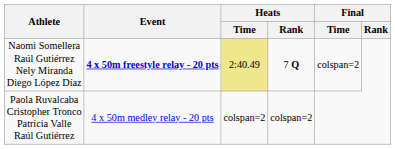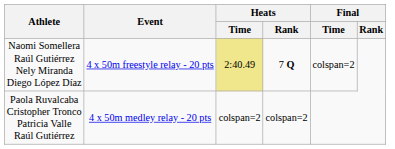 <table class="wikitable" style="font-size:90%; text-align:center">
 <tr>
 <th rowspan="2">Athlete</th>
 <th rowspan="2">Event</th>
 <th colspan="2">Heats</th>
 <th colspan="2">Final</th>
 </tr>
 <tr>
 <th>Time</th>
 <th>Rank</th>
 <th>Time</th>
 <th>Rank</th>
 </tr>
 <tr>
 <td>Naomi Somellera<br>Raúl Gutiérrez<br>Nely Miranda<br>Diego López Díaz</td>
-<td><strong><a href='#'>4 x 50m freestyle relay - 20 pts</a></strong></td>
+<td><a href='#'>4 x 50m freestyle relay - 20 pts</a></td>
 <td style="background: khaki;">2:40.49</td>
 <td>7 <strong>Q</strong></td>
 <td>colspan=2</td>
 </tr>
 <tr>
 <td>Paola Ruvalcaba<br>Cristopher Tronco<br>Patricia Valle<br>Raúl Gutiérrez</td>
 <td><a href='#'>4 x 50m medley relay - 20 pts</a></td>
 <td>colspan=2</td>
 <td>colspan=2</td>
 </tr>
 </table>
